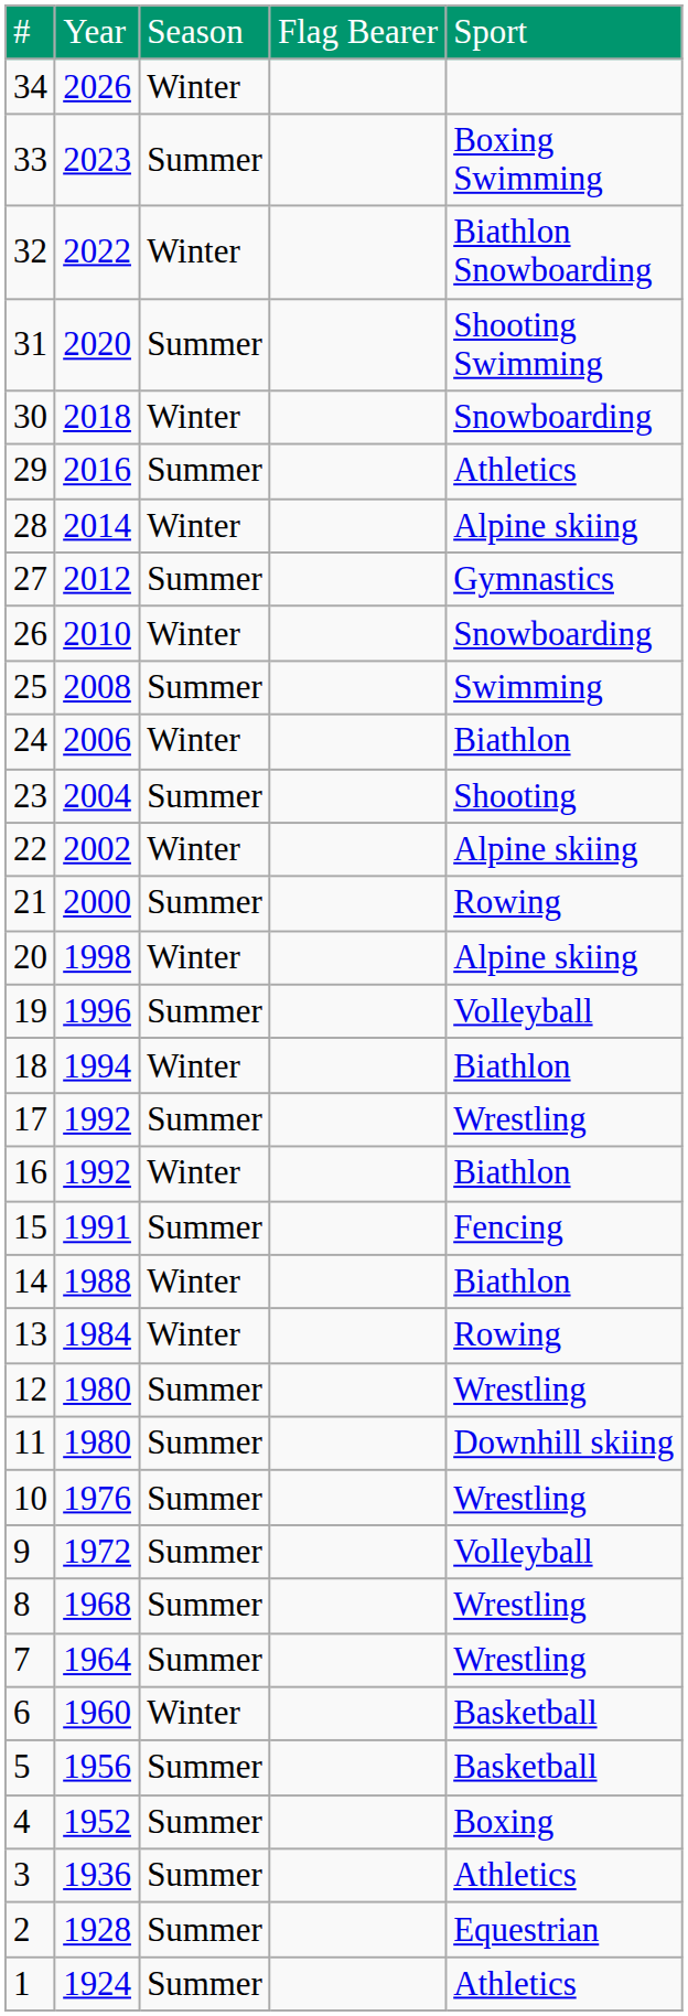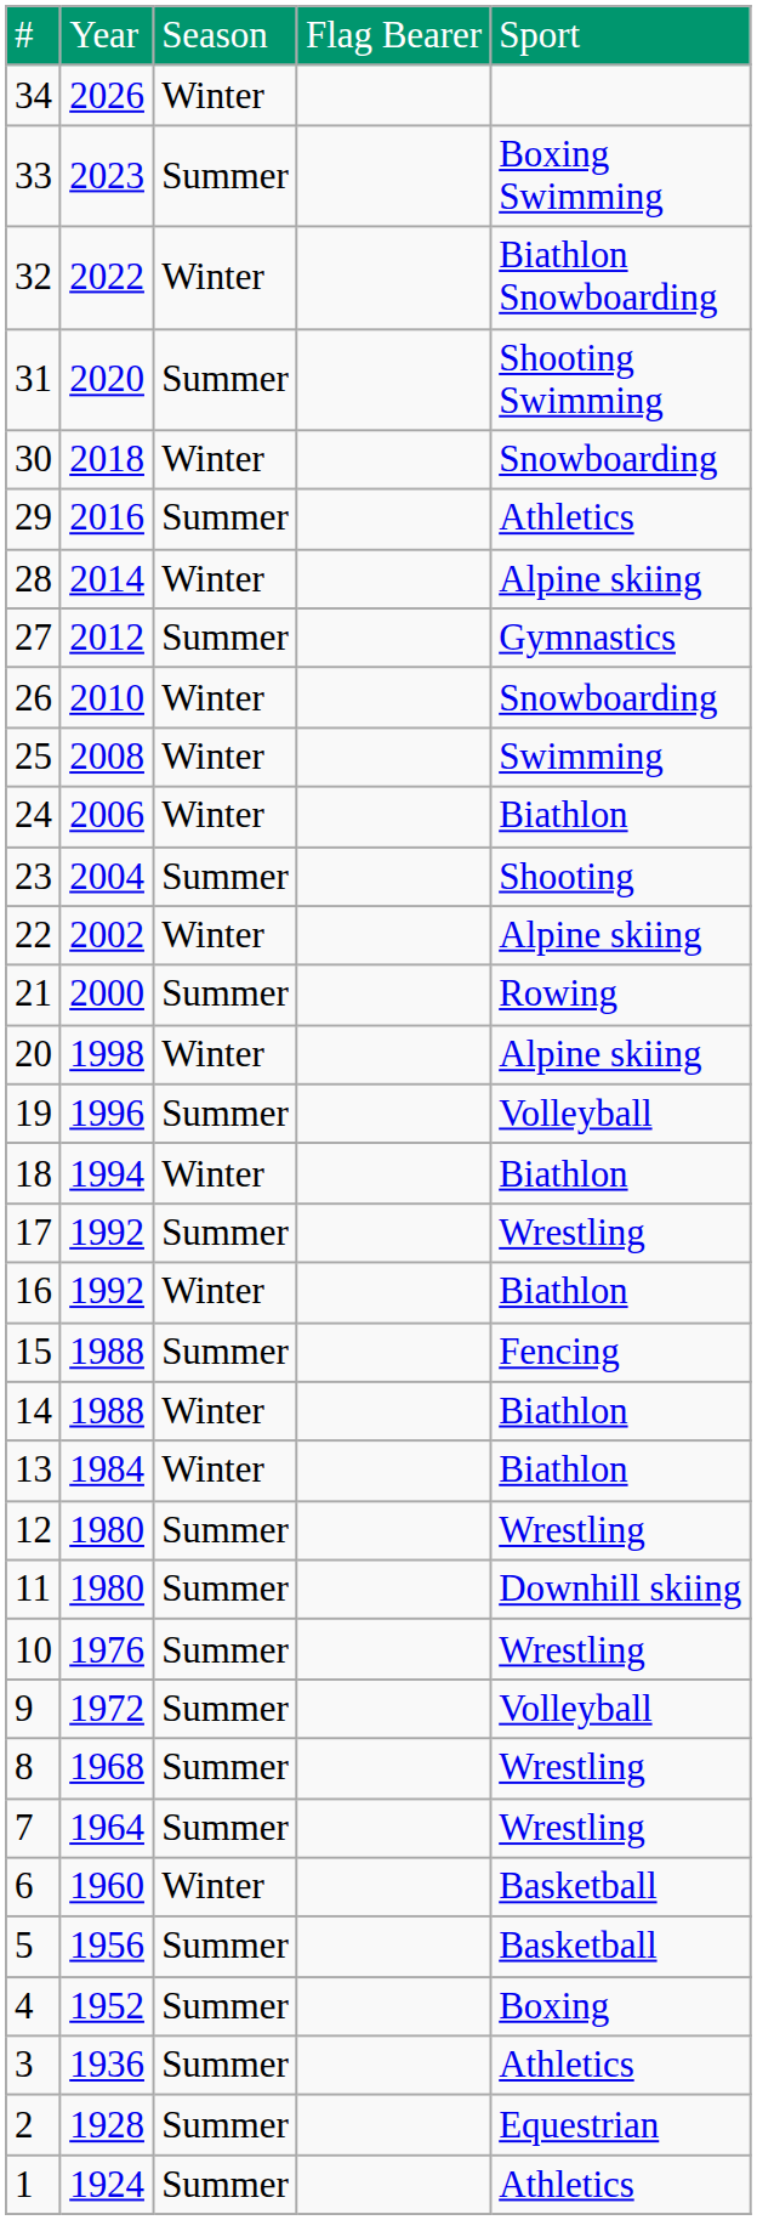 <table class="wikitable sortable">
 <tr style="color:white">
 <td style="background:#00966E;">#</td>
 <td style="background:#00966E;">Year</td>
 <td style="background:#00966E;">Season</td>
 <td style="background:#00966E;"> Flag Bearer</td>
 <td style="background:#00966E;">Sport</td>
 </tr>
 <tr>
 <td>34</td>
 <td><a href='#'>2026</a></td>
 <td>Winter</td>
 <td></td>
 <td></td>
 </tr>
 <tr>
 <td>33</td>
 <td><a href='#'>2023</a></td>
 <td>Summer</td>
 <td><br></td>
 <td><a href='#'>Boxing</a><br><a href='#'>Swimming</a></td>
 </tr>
 <tr>
 <td>32</td>
 <td><a href='#'>2022</a></td>
 <td>Winter</td>
 <td><br></td>
 <td><a href='#'>Biathlon</a><br><a href='#'>Snowboarding</a></td>
 </tr>
 <tr>
 <td>31</td>
 <td><a href='#'>2020</a></td>
 <td>Summer</td>
 <td><br></td>
 <td><a href='#'>Shooting</a><br><a href='#'>Swimming</a></td>
 </tr>
 <tr>
 <td>30</td>
 <td><a href='#'>2018</a></td>
 <td>Winter</td>
 <td></td>
 <td><a href='#'>Snowboarding</a></td>
 </tr>
 <tr>
 <td>29</td>
 <td><a href='#'>2016</a></td>
 <td>Summer</td>
 <td></td>
 <td><a href='#'>Athletics</a></td>
 </tr>
 <tr>
 <td>28</td>
 <td><a href='#'>2014</a></td>
 <td>Winter</td>
 <td></td>
 <td><a href='#'>Alpine skiing</a></td>
 </tr>
 <tr>
 <td>27</td>
 <td><a href='#'>2012</a></td>
 <td>Summer</td>
 <td></td>
 <td><a href='#'>Gymnastics</a></td>
 </tr>
 <tr>
 <td>26</td>
 <td><a href='#'>2010</a></td>
 <td>Winter</td>
 <td></td>
 <td><a href='#'>Snowboarding</a></td>
 </tr>
 <tr>
 <td>25</td>
 <td><a href='#'>2008</a></td>
-<td>Summer</td>
+<td>Winter</td>
 <td></td>
 <td><a href='#'>Swimming</a></td>
 </tr>
 <tr>
 <td>24</td>
 <td><a href='#'>2006</a></td>
 <td>Winter</td>
 <td></td>
 <td><a href='#'>Biathlon</a></td>
 </tr>
 <tr>
 <td>23</td>
 <td><a href='#'>2004</a></td>
 <td>Summer</td>
 <td></td>
 <td><a href='#'>Shooting</a></td>
 </tr>
 <tr>
 <td>22</td>
 <td><a href='#'>2002</a></td>
 <td>Winter</td>
 <td></td>
 <td><a href='#'>Alpine skiing</a></td>
 </tr>
 <tr>
 <td>21</td>
 <td><a href='#'>2000</a></td>
 <td>Summer</td>
 <td></td>
 <td><a href='#'>Rowing</a></td>
 </tr>
 <tr>
 <td>20</td>
 <td><a href='#'>1998</a></td>
 <td>Winter</td>
 <td></td>
 <td><a href='#'>Alpine skiing</a></td>
 </tr>
 <tr>
 <td>19</td>
 <td><a href='#'>1996</a></td>
 <td>Summer</td>
 <td></td>
 <td><a href='#'>Volleyball</a></td>
 </tr>
 <tr>
 <td>18</td>
 <td><a href='#'>1994</a></td>
 <td>Winter</td>
 <td></td>
 <td><a href='#'>Biathlon</a></td>
 </tr>
 <tr>
 <td>17</td>
 <td><a href='#'>1992</a></td>
 <td>Summer</td>
 <td></td>
 <td><a href='#'>Wrestling</a></td>
 </tr>
 <tr>
 <td>16</td>
 <td><a href='#'>1992</a></td>
 <td>Winter</td>
 <td></td>
 <td><a href='#'>Biathlon</a></td>
 </tr>
 <tr>
 <td>15</td>
-<td><a href='#'>1991</a></td>
+<td><a href='#'>1988</a></td>
 <td>Summer</td>
 <td></td>
 <td><a href='#'>Fencing</a></td>
 </tr>
 <tr>
 <td>14</td>
 <td><a href='#'>1988</a></td>
 <td>Winter</td>
 <td></td>
 <td><a href='#'>Biathlon</a></td>
 </tr>
 <tr>
 <td>13</td>
 <td><a href='#'>1984</a></td>
 <td>Winter</td>
 <td></td>
-<td><a href='#'>Rowing</a></td>
+<td><a href='#'>Biathlon</a></td>
 </tr>
 <tr>
 <td>12</td>
 <td><a href='#'>1980</a></td>
 <td>Summer</td>
 <td></td>
 <td><a href='#'>Wrestling</a></td>
 </tr>
 <tr>
 <td>11</td>
 <td><a href='#'>1980</a></td>
 <td>Summer</td>
 <td></td>
 <td><a href='#'>Downhill skiing</a></td>
 </tr>
 <tr>
 <td>10</td>
 <td><a href='#'>1976</a></td>
 <td>Summer</td>
 <td></td>
 <td><a href='#'>Wrestling</a></td>
 </tr>
 <tr>
 <td>9</td>
 <td><a href='#'>1972</a></td>
 <td>Summer</td>
 <td></td>
 <td><a href='#'>Volleyball</a></td>
 </tr>
 <tr>
 <td>8</td>
 <td><a href='#'>1968</a></td>
 <td>Summer</td>
 <td></td>
 <td><a href='#'>Wrestling</a></td>
 </tr>
 <tr>
 <td>7</td>
 <td><a href='#'>1964</a></td>
 <td>Summer</td>
 <td></td>
 <td><a href='#'>Wrestling</a></td>
 </tr>
 <tr>
 <td>6</td>
 <td><a href='#'>1960</a></td>
 <td>Winter</td>
 <td></td>
 <td><a href='#'>Basketball</a></td>
 </tr>
 <tr>
 <td>5</td>
 <td><a href='#'>1956</a></td>
 <td>Summer</td>
 <td></td>
 <td><a href='#'>Basketball</a></td>
 </tr>
 <tr>
 <td>4</td>
 <td><a href='#'>1952</a></td>
 <td>Summer</td>
 <td></td>
 <td><a href='#'>Boxing</a></td>
 </tr>
 <tr>
 <td>3</td>
 <td><a href='#'>1936</a></td>
 <td>Summer</td>
 <td></td>
 <td><a href='#'>Athletics</a></td>
 </tr>
 <tr>
 <td>2</td>
 <td><a href='#'>1928</a></td>
 <td>Summer</td>
 <td></td>
 <td><a href='#'>Equestrian</a></td>
 </tr>
 <tr>
 <td>1</td>
 <td><a href='#'>1924</a></td>
 <td>Summer</td>
 <td></td>
 <td><a href='#'>Athletics</a></td>
 </tr>
 </table>
